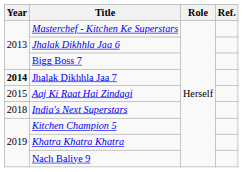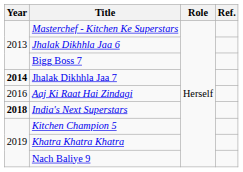 <table class="wikitable sortable">
 <tr>
 <th>Year</th>
 <th>Title</th>
 <th>Role</th>
 <th>Ref.</th>
 </tr>
 <tr>
 <td rowspan="3">2013</td>
 <td><em><a href='#'>Masterchef - Kitchen Ke Superstars</a></em></td>
 <td rowspan="9">Herself</td>
 <td style="text-align:center;"></td>
 </tr>
 <tr>
 <td><em><a href='#'>Jhalak Dikhhla Jaa 6</a></em></td>
 <td style="text-align:center;"></td>
 </tr>
 <tr>
 <td><a href='#'>Bigg Boss 7</a></td>
 <td style="text-align:center;"></td>
 </tr>
 <tr>
 <td><strong>2014</strong></td>
 <td><a href='#'>Jhalak Dikhhla Jaa 7</a></td>
 <td style="text-align:center;"></td>
 </tr>
 <tr>
-<td>2015</td>
+<td>2016</td>
 <td><em><a href='#'>Aaj Ki Raat Hai Zindagi</a></em></td>
 <td style="text-align:center;"></td>
 </tr>
 <tr>
-<td>2018</td>
+<td><strong>2018</strong></td>
 <td><em><a href='#'>India's Next Superstars</a></em></td>
 <td style="text-align:center;"></td>
 </tr>
 <tr>
 <td rowspan="3">2019</td>
 <td><em><a href='#'>Kitchen Champion 5</a></em></td>
 <td style="text-align:center;"></td>
 </tr>
 <tr>
 <td><em><a href='#'>Khatra Khatra Khatra</a></em></td>
 <td style="text-align:center;"></td>
 </tr>
 <tr>
 <td><a href='#'>Nach Baliye 9</a></td>
 <td style="text-align:center;"></td>
 </tr>
 </table>
